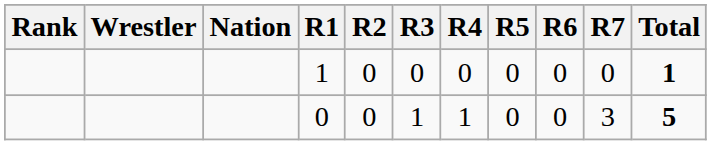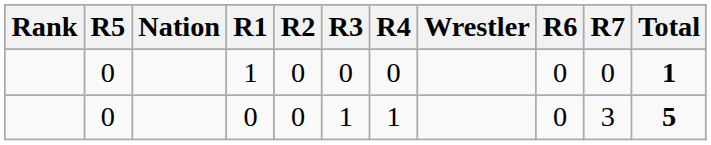 <table class="wikitable sortable" style="text-align:center;">
 <tr>
 <th>Rank</th>
-<th>Wrestler</th>
+<th>R5</th>
 <th>Nation</th>
 <th>R1</th>
 <th>R2</th>
 <th>R3</th>
 <th>R4</th>
-<th>R5</th>
+<th>Wrestler</th>
 <th>R6</th>
 <th>R7</th>
 <th>Total</th>
 </tr>
 <tr>
 <td></td>
-<td align=left></td>
+<td>0</td>
 <td align=left></td>
 <td>1</td>
 <td>0</td>
 <td>0</td>
 <td>0</td>
-<td>0</td>
+<td align=left></td>
 <td>0</td>
 <td>0</td>
 <td><strong>1</strong></td>
 </tr>
 <tr>
 <td></td>
-<td align=left></td>
+<td>0</td>
 <td align=left></td>
 <td>0</td>
 <td>0</td>
 <td>1</td>
 <td>1</td>
-<td>0</td>
+<td align=left></td>
 <td>0</td>
 <td>3</td>
 <td><strong>5</strong></td>
 </tr>
 </table>
